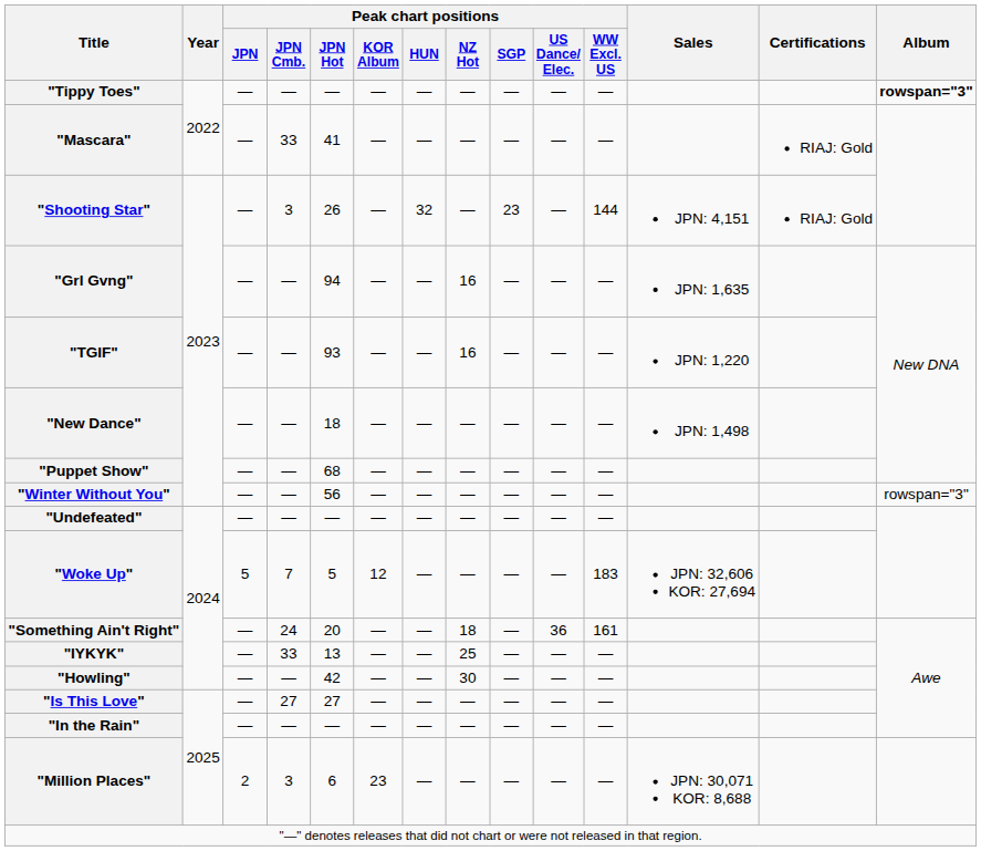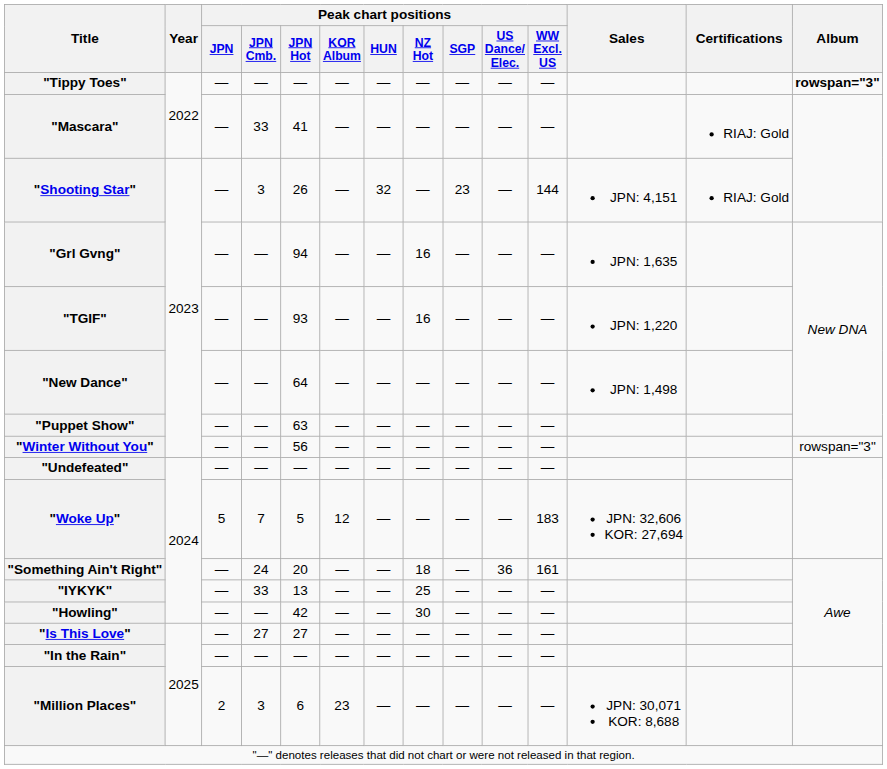 <table class="wikitable plainrowheaders" style="text-align:center">
 <tr>
 <th scope="col" rowspan="2">Title</th>
 <th scope="col" rowspan="2">Year</th>
 <th scope="col" colspan="9">Peak chart positions</th>
 <th scope="col" rowspan="2">Sales</th>
 <th scope="col" rowspan="2">Certifications</th>
 <th scope="col" rowspan="2">Album</th>
 </tr>
 <tr>
 <th scope="col" style="width:2.75em;font-size:90%"><a href='#'>JPN</a><br></th>
 <th scope="col" style="width:2.75em;font-size:90%"><a href='#'>JPN<br>Cmb.</a><br></th>
 <th scope="col" style="width:2.75em;font-size:90%"><a href='#'>JPN<br>Hot</a><br></th>
 <th scope="col" style="width:2.75em;font-size:90%"><a href='#'>KOR<br>Album</a><br></th>
 <th scope="col" style="width:2.75em;font-size:90%"><a href='#'>HUN</a><br></th>
 <th scope="col" style="width:2.75em;font-size:90%"><a href='#'>NZ<br>Hot</a><br></th>
 <th scope="col" style="width:2.75em;font-size:90%"><a href='#'>SGP</a><br></th>
 <th scope="col" style="width:2.75em;font-size:90%"><a href='#'>US<br>Dance/<br>Elec.</a><br></th>
 <th scope="col" style="width:2.75em;font-size:90%"><a href='#'>WW<br>Excl.<br>US</a><br></th>
 </tr>
 <tr>
 <th scope="row">"Tippy Toes"</th>
 <td rowspan="2">2022</td>
 <td>—</td>
 <td>—</td>
 <td>—</td>
 <td>—</td>
 <td>—</td>
 <td>—</td>
 <td>—</td>
 <td>—</td>
 <td>—</td>
 <td></td>
 <td></td>
 <td><strong>rowspan="3" </strong></td>
 </tr>
 <tr>
 <th scope="row">"Mascara"</th>
 <td>—</td>
 <td>33</td>
 <td>41</td>
 <td>—</td>
 <td>—</td>
 <td>—</td>
 <td>—</td>
 <td>—</td>
 <td>—</td>
 <td></td>
 <td><br><ul><li>RIAJ: Gold </li></ul></td>
 </tr>
 <tr>
 <th scope="row">"<a href='#'>Shooting Star</a>"</th>
 <td rowspan="6">2023</td>
 <td>—</td>
 <td>3</td>
 <td>26</td>
 <td>—</td>
 <td>32</td>
 <td>—</td>
 <td>23</td>
 <td>—</td>
 <td>144</td>
 <td><br><ul><li>JPN: 4,151 </li></ul></td>
 <td><br><ul><li>RIAJ: Gold </li></ul></td>
 </tr>
 <tr>
 <th scope="row">"Grl Gvng"</th>
 <td>—</td>
 <td>—</td>
 <td>94</td>
 <td>—</td>
 <td>—</td>
 <td>16</td>
 <td>—</td>
 <td>—</td>
 <td>—</td>
 <td><br><ul><li>JPN: 1,635 </li></ul></td>
 <td></td>
 <td rowspan="4"><em>New DNA</em></td>
 </tr>
 <tr>
 <th scope="row">"TGIF"</th>
 <td>—</td>
 <td>—</td>
 <td>93</td>
 <td>—</td>
 <td>—</td>
 <td>16</td>
 <td>—</td>
 <td>—</td>
 <td>—</td>
 <td><br><ul><li>JPN: 1,220 </li></ul></td>
 <td></td>
 </tr>
 <tr>
 <th scope="row">"New Dance"</th>
 <td>—</td>
 <td>—</td>
-<td>18</td>
+<td>64</td>
 <td>—</td>
 <td>—</td>
 <td>—</td>
 <td>—</td>
 <td>—</td>
 <td>—</td>
 <td><br><ul><li>JPN: 1,498 </li></ul></td>
 <td></td>
 </tr>
 <tr>
 <th scope="row">"Puppet Show"</th>
 <td>—</td>
 <td>—</td>
-<td>68</td>
+<td>63</td>
 <td>—</td>
 <td>—</td>
 <td>—</td>
 <td>—</td>
 <td>—</td>
 <td>—</td>
 <td></td>
 <td></td>
 </tr>
 <tr>
 <th scope="row">"<a href='#'>Winter Without You</a>"</th>
 <td>—</td>
 <td>—</td>
 <td>56</td>
 <td>—</td>
 <td>—</td>
 <td>—</td>
 <td>—</td>
 <td>—</td>
 <td>—</td>
 <td></td>
 <td></td>
 <td>rowspan="3" </td>
 </tr>
 <tr>
 <th scope="row">"Undefeated"<br></th>
 <td rowspan="5">2024</td>
 <td>—</td>
 <td>—</td>
 <td>—</td>
 <td>—</td>
 <td>—</td>
 <td>—</td>
 <td>—</td>
 <td>—</td>
 <td>—</td>
 <td></td>
 <td></td>
 </tr>
 <tr>
 <th scope="row">"<a href='#'>Woke Up</a>"</th>
 <td>5</td>
 <td>7</td>
 <td>5</td>
 <td>12</td>
 <td>—</td>
 <td>—</td>
 <td>—</td>
 <td>—</td>
 <td>183</td>
 <td><br><ul><li>JPN: 32,606 </li><li>KOR: 27,694</li></ul></td>
 <td></td>
 </tr>
 <tr>
 <th scope="row">"Something Ain't Right"</th>
 <td>—</td>
 <td>24</td>
 <td>20</td>
 <td>—</td>
 <td>—</td>
 <td>18</td>
 <td>—</td>
 <td>36</td>
 <td>161</td>
 <td></td>
 <td></td>
 <td rowspan="5"><em>Awe</em></td>
 </tr>
 <tr>
 <th scope="row">"IYKYK"</th>
 <td>—</td>
 <td>33</td>
 <td>13</td>
 <td>—</td>
 <td>—</td>
 <td>25</td>
 <td>—</td>
 <td>—</td>
 <td>—</td>
 <td></td>
 <td></td>
 </tr>
 <tr>
 <th scope="row">"Howling"</th>
 <td>—</td>
 <td>—</td>
 <td>42</td>
 <td>—</td>
 <td>—</td>
 <td>30</td>
 <td>—</td>
 <td>—</td>
 <td>—</td>
 <td></td>
 <td></td>
 </tr>
 <tr>
 <th scope="row">"<a href='#'>Is This Love</a>"</th>
 <td rowspan="3">2025</td>
 <td>—</td>
 <td>27</td>
 <td>27</td>
 <td>—</td>
 <td>—</td>
 <td>—</td>
 <td>—</td>
 <td>—</td>
 <td>—</td>
 <td></td>
 <td></td>
 </tr>
 <tr>
 <th scope="row">"In the Rain"</th>
 <td>—</td>
 <td>—</td>
 <td>—</td>
 <td>—</td>
 <td>—</td>
 <td>—</td>
 <td>—</td>
 <td>—</td>
 <td>—</td>
 <td></td>
 <td></td>
 </tr>
 <tr>
 <th scope="row">"Million Places"</th>
 <td>2</td>
 <td>3</td>
 <td>6</td>
 <td>23</td>
 <td>—</td>
 <td>—</td>
 <td>—</td>
 <td>—</td>
 <td>—</td>
 <td><br><ul><li>JPN: 30,071 </li><li>KOR: 8,688</li></ul></td>
 <td></td>
 <td></td>
 </tr>
 <tr>
 <td colspan="14" style="font-size:85%">"—" denotes releases that did not chart or were not released in that region.</td>
 </tr>
 </table>
